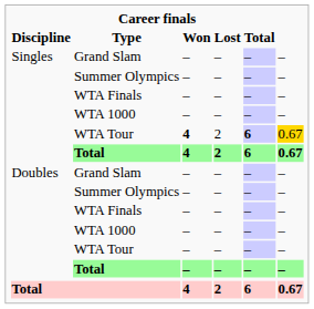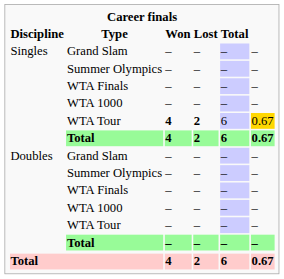 <table class="infobox vcard vevent nowrap">
 <tr>
 <th colspan="6">Career finals</th>
 </tr>
 <tr>
 <th>Discipline</th>
 <th>Type</th>
 <th>Won</th>
 <th>Lost</th>
 <th>Total</th>
 <th></th>
 </tr>
 <tr>
 <td rowspan="6">Singles</td>
 <td>Grand Slam</td>
 <td>–</td>
 <td>–</td>
 <td bgcolor="CCCCFF">–</td>
 <td>–</td>
 </tr>
 <tr>
 <td>Summer Olympics</td>
 <td>–</td>
 <td>–</td>
 <td bgcolor="CCCCFF">–</td>
 <td>–</td>
 </tr>
 <tr>
 <td>WTA Finals</td>
 <td>–</td>
 <td>–</td>
 <td bgcolor="CCCCFF">–</td>
 <td>–</td>
 </tr>
 <tr>
 <td>WTA 1000</td>
 <td>–</td>
 <td>–</td>
 <td bgcolor="CCCCFF">–</td>
 <td>–</td>
 </tr>
 <tr>
 <td>WTA Tour</td>
 <td><strong>4</strong></td>
-<td>2</td>
-<td bgcolor="CCCCFF"><strong>6</strong></td>
+<td><strong>2</strong></td>
+<td bgcolor="CCCCFF">6</td>
 <td style="background: gold;">0.67</td>
 </tr>
 <tr bgcolor="98FB98">
 <td><strong>Total</strong></td>
 <td><strong>4</strong></td>
 <td><strong>2</strong></td>
 <td><strong>6</strong></td>
 <td><strong>0.67</strong></td>
 </tr>
 <tr>
 <td rowspan="6">Doubles</td>
 <td>Grand Slam</td>
 <td>–</td>
 <td>–</td>
 <td bgcolor="CCCCFF">–</td>
 <td>–</td>
 </tr>
 <tr>
 <td>Summer Olympics</td>
 <td>–</td>
 <td>–</td>
 <td bgcolor="CCCCFF">–</td>
 <td>–</td>
 </tr>
 <tr>
 <td>WTA Finals</td>
 <td>–</td>
 <td>–</td>
 <td bgcolor="CCCCFF">–</td>
 <td>–</td>
 </tr>
 <tr>
 <td>WTA 1000</td>
 <td>–</td>
 <td>–</td>
 <td bgcolor="CCCCFF">–</td>
 <td>–</td>
 </tr>
 <tr>
 <td>WTA Tour</td>
 <td>–</td>
 <td>–</td>
 <td bgcolor="CCCCFF">–</td>
 <td>–</td>
 </tr>
 <tr bgcolor="98FB98">
 <td><strong>Total</strong></td>
 <td><strong>–</strong></td>
 <td><strong>–</strong></td>
 <td><strong>–</strong></td>
 <td><strong>–</strong></td>
 </tr>
 <tr>
 </tr>
 <tr bgcolor="FFCCCC">
 <td colspan="2"><strong>Total</strong></td>
 <td><strong>4</strong></td>
 <td><strong>2</strong></td>
 <td><strong>6</strong></td>
 <td><strong>0.67</strong></td>
 </tr>
 </table>
